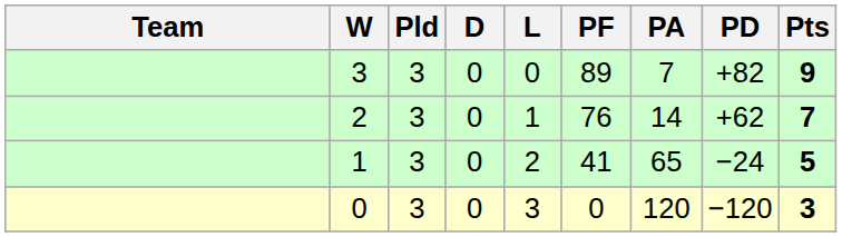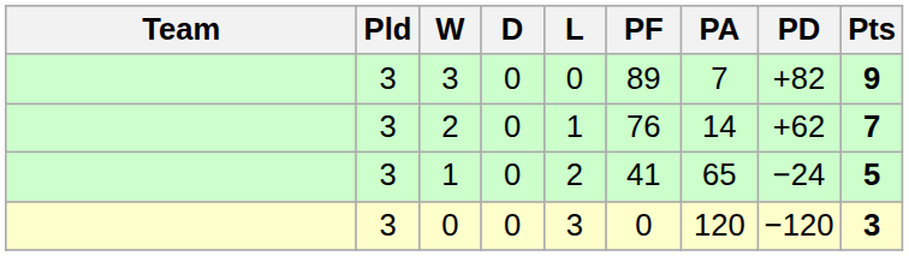 <table class="wikitable" style="text-align:center;">
 <tr>
 <th width=175>Team</th>
+<th width=25 abbr="Played">Pld</th>
 <th width=25 abbr="Won">W</th>
-<th width=25 abbr="Played">Pld</th>
 <th width=25 abbr="Drawn">D</th>
 <th width=25 abbr="Lost">L</th>
 <th width=32 abbr="Points for">PF</th>
 <th width=32 abbr="Points against">PA</th>
 <th width=32 abbr="Points difference">PD</th>
 <th width=25 abbr="Points">Pts</th>
 </tr>
 <tr bgcolor=ccffcc>
 <td align=left></td>
 <td>3</td>
 <td>3</td>
 <td>0</td>
 <td>0</td>
 <td>89</td>
 <td>7</td>
 <td>+82</td>
 <td><strong>9</strong></td>
 </tr>
 <tr bgcolor=ccffcc>
 <td align=left></td>
+<td>3</td>
 <td>2</td>
-<td>3</td>
 <td>0</td>
 <td>1</td>
 <td>76</td>
 <td>14</td>
 <td>+62</td>
 <td><strong>7</strong></td>
 </tr>
 <tr bgcolor=ccffcc>
 <td align=left></td>
+<td>3</td>
 <td>1</td>
-<td>3</td>
 <td>0</td>
 <td>2</td>
 <td>41</td>
 <td>65</td>
 <td>−24</td>
 <td><strong>5</strong></td>
 </tr>
 <tr bgcolor=ffffcc>
 <td align=left></td>
+<td>3</td>
 <td>0</td>
-<td>3</td>
 <td>0</td>
 <td>3</td>
 <td>0</td>
 <td>120</td>
 <td>−120</td>
 <td><strong>3</strong></td>
 </tr>
 </table>
